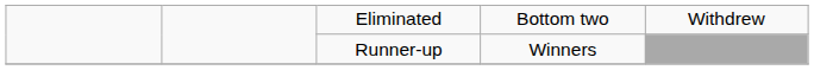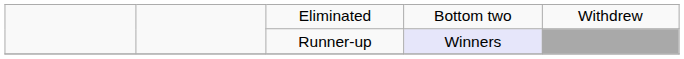 <table class="wikitable"  style="margin:1em auto; text-align:center; white-space:nowrap; width:55%;">
 <tr>
 <td width=141 rowspan=2></td>
 <td width=141 rowspan=2></td>
 <td width=141> Eliminated</td>
 <td width=141> Bottom two</td>
 <td width=141> Withdrew</td>
 </tr>
 <tr>
 <td> Runner-up</td>
-<td> Winners</td>
+<td style="background: lavender;"> Winners</td>
 <td bgcolor="A9A9A9"></td>
 </tr>
 <tr>
 </tr>
 </table>
